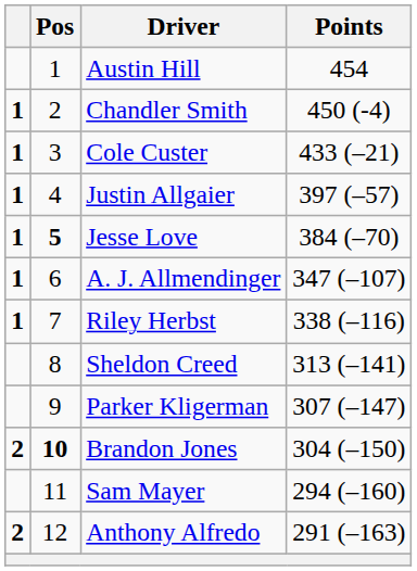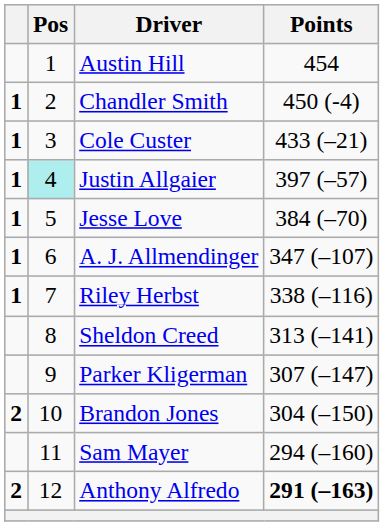 <table class="wikitable" style="font-size: 95%;">
 <tr>
 <th></th>
 <th>Pos</th>
 <th>Driver</th>
 <th>Points</th>
 </tr>
 <tr>
 <td align="left"></td>
 <td style="text-align:center;">1</td>
 <td><a href='#'>Austin Hill</a></td>
 <td style="text-align:center;">454</td>
 </tr>
 <tr>
 <td align="left"> <strong>1</strong></td>
 <td style="text-align:center;">2</td>
 <td><a href='#'>Chandler Smith</a></td>
 <td style="text-align:center;">450 (-4)</td>
 </tr>
 <tr>
 <td align="left"> <strong>1</strong></td>
 <td style="text-align:center;">3</td>
 <td><a href='#'>Cole Custer</a></td>
 <td style="text-align:center;">433 (–21)</td>
 </tr>
 <tr>
 <td align="left"> <strong>1</strong></td>
-<td style="text-align:center;">4</td>
+<td style="background: paleturquoise; text-align:center;">4</td>
 <td><a href='#'>Justin Allgaier</a></td>
 <td style="text-align:center;">397 (–57)</td>
 </tr>
 <tr>
 <td align="left"> <strong>1</strong></td>
-<td style="text-align:center;"><strong>5</strong></td>
+<td style="text-align:center;">5</td>
 <td><a href='#'>Jesse Love</a></td>
 <td style="text-align:center;">384 (–70)</td>
 </tr>
 <tr>
 <td align="left"> <strong>1</strong></td>
 <td style="text-align:center;">6</td>
 <td><a href='#'>A. J. Allmendinger</a></td>
 <td style="text-align:center;">347 (–107)</td>
 </tr>
 <tr>
 <td align="left"> <strong>1</strong></td>
 <td style="text-align:center;">7</td>
 <td><a href='#'>Riley Herbst</a></td>
 <td style="text-align:center;">338 (–116)</td>
 </tr>
 <tr>
 <td align="left"></td>
 <td style="text-align:center;">8</td>
 <td><a href='#'>Sheldon Creed</a></td>
 <td style="text-align:center;">313 (–141)</td>
 </tr>
 <tr>
 <td align="left"></td>
 <td style="text-align:center;">9</td>
 <td><a href='#'>Parker Kligerman</a></td>
 <td style="text-align:center;">307 (–147)</td>
 </tr>
 <tr>
 <td align="left"> <strong>2</strong></td>
-<td style="text-align:center;"><strong>10</strong></td>
+<td style="text-align:center;">10</td>
 <td><a href='#'>Brandon Jones</a></td>
 <td style="text-align:center;">304 (–150)</td>
 </tr>
 <tr>
 <td align="left"></td>
 <td style="text-align:center;">11</td>
 <td><a href='#'>Sam Mayer</a></td>
 <td style="text-align:center;">294 (–160)</td>
 </tr>
 <tr>
 <td align="left"> <strong>2</strong></td>
 <td style="text-align:center;">12</td>
 <td><a href='#'>Anthony Alfredo</a></td>
-<td style="text-align:center;">291 (–163)</td>
+<td style="text-align:center;"><strong>291 (–163)</strong></td>
 </tr>
 <tr class="sortbottom">
 <th colspan="9"></th>
 </tr>
 </table>
